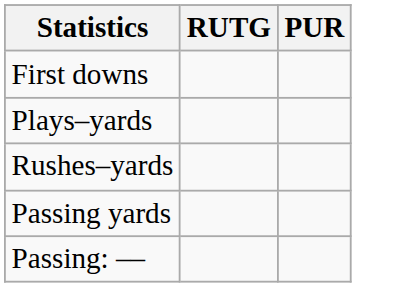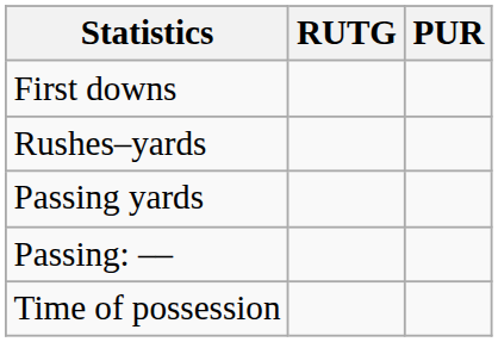 <table class="wikitable" style="float:left">
 <tr>
 <th>Statistics</th>
 <th>RUTG</th>
 <th>PUR</th>
 </tr>
 <tr>
 <td>First downs</td>
-<td></td>
-<td></td>
-</tr>
-<tr>
-<td>Plays–yards</td>
 <td></td>
 <td></td>
 </tr>
 <tr>
 <td>Rushes–yards</td>
 <td></td>
 <td></td>
 </tr>
 <tr>
 <td>Passing yards</td>
 <td></td>
 <td></td>
 </tr>
 <tr>
 <td>Passing: ––</td>
 <td></td>
 <td></td>
 </tr>
+<tr>
+<td>Time of possession</td>
+<td></td>
+<td></td>
+</tr>
 </table>
